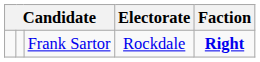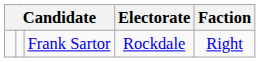 <table class="wikitable" style="text-align:center">
 <tr>
 <th colspan=3>Candidate</th>
 <th>Electorate</th>
 <th>Faction</th>
 </tr>
 <tr>
 <td width="3pt" > </td>
 <td></td>
 <td><a href='#'>Frank Sartor</a></td>
 <td><a href='#'>Rockdale</a></td>
-<td><strong><a href='#'>Right</a></strong></td>
+<td><a href='#'>Right</a></td>
 </tr>
 </table>
